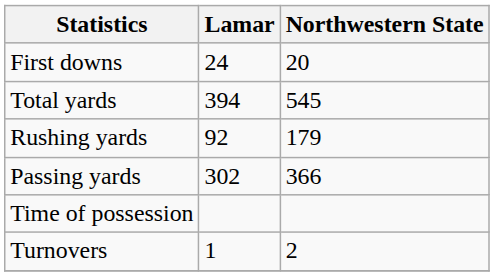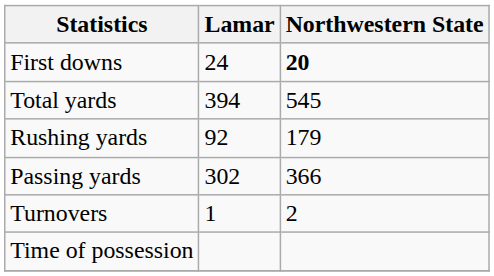 <table class="wikitable" style="float: left;">
 <tr>
 <th>Statistics</th>
 <th><strong>Lamar</strong></th>
 <th><strong>Northwestern State</strong></th>
 </tr>
 <tr>
 <td>First downs</td>
 <td>24</td>
-<td>20</td>
+<td><strong>20</strong></td>
 </tr>
 <tr>
 <td>Total yards</td>
 <td>394</td>
 <td>545</td>
 </tr>
 <tr>
 <td>Rushing yards</td>
 <td>92</td>
 <td>179</td>
 </tr>
 <tr>
 <td>Passing yards</td>
 <td>302</td>
 <td>366</td>
 </tr>
 <tr>
+<td>Turnovers</td>
+<td>1</td>
+<td>2</td>
+</tr>
+<tr>
 <td>Time of possession</td>
 <td></td>
 <td></td>
 </tr>
 <tr>
-<td>Turnovers</td>
-<td>1</td>
-<td>2</td>
-</tr>
-<tr>
 </tr>
 </table>
